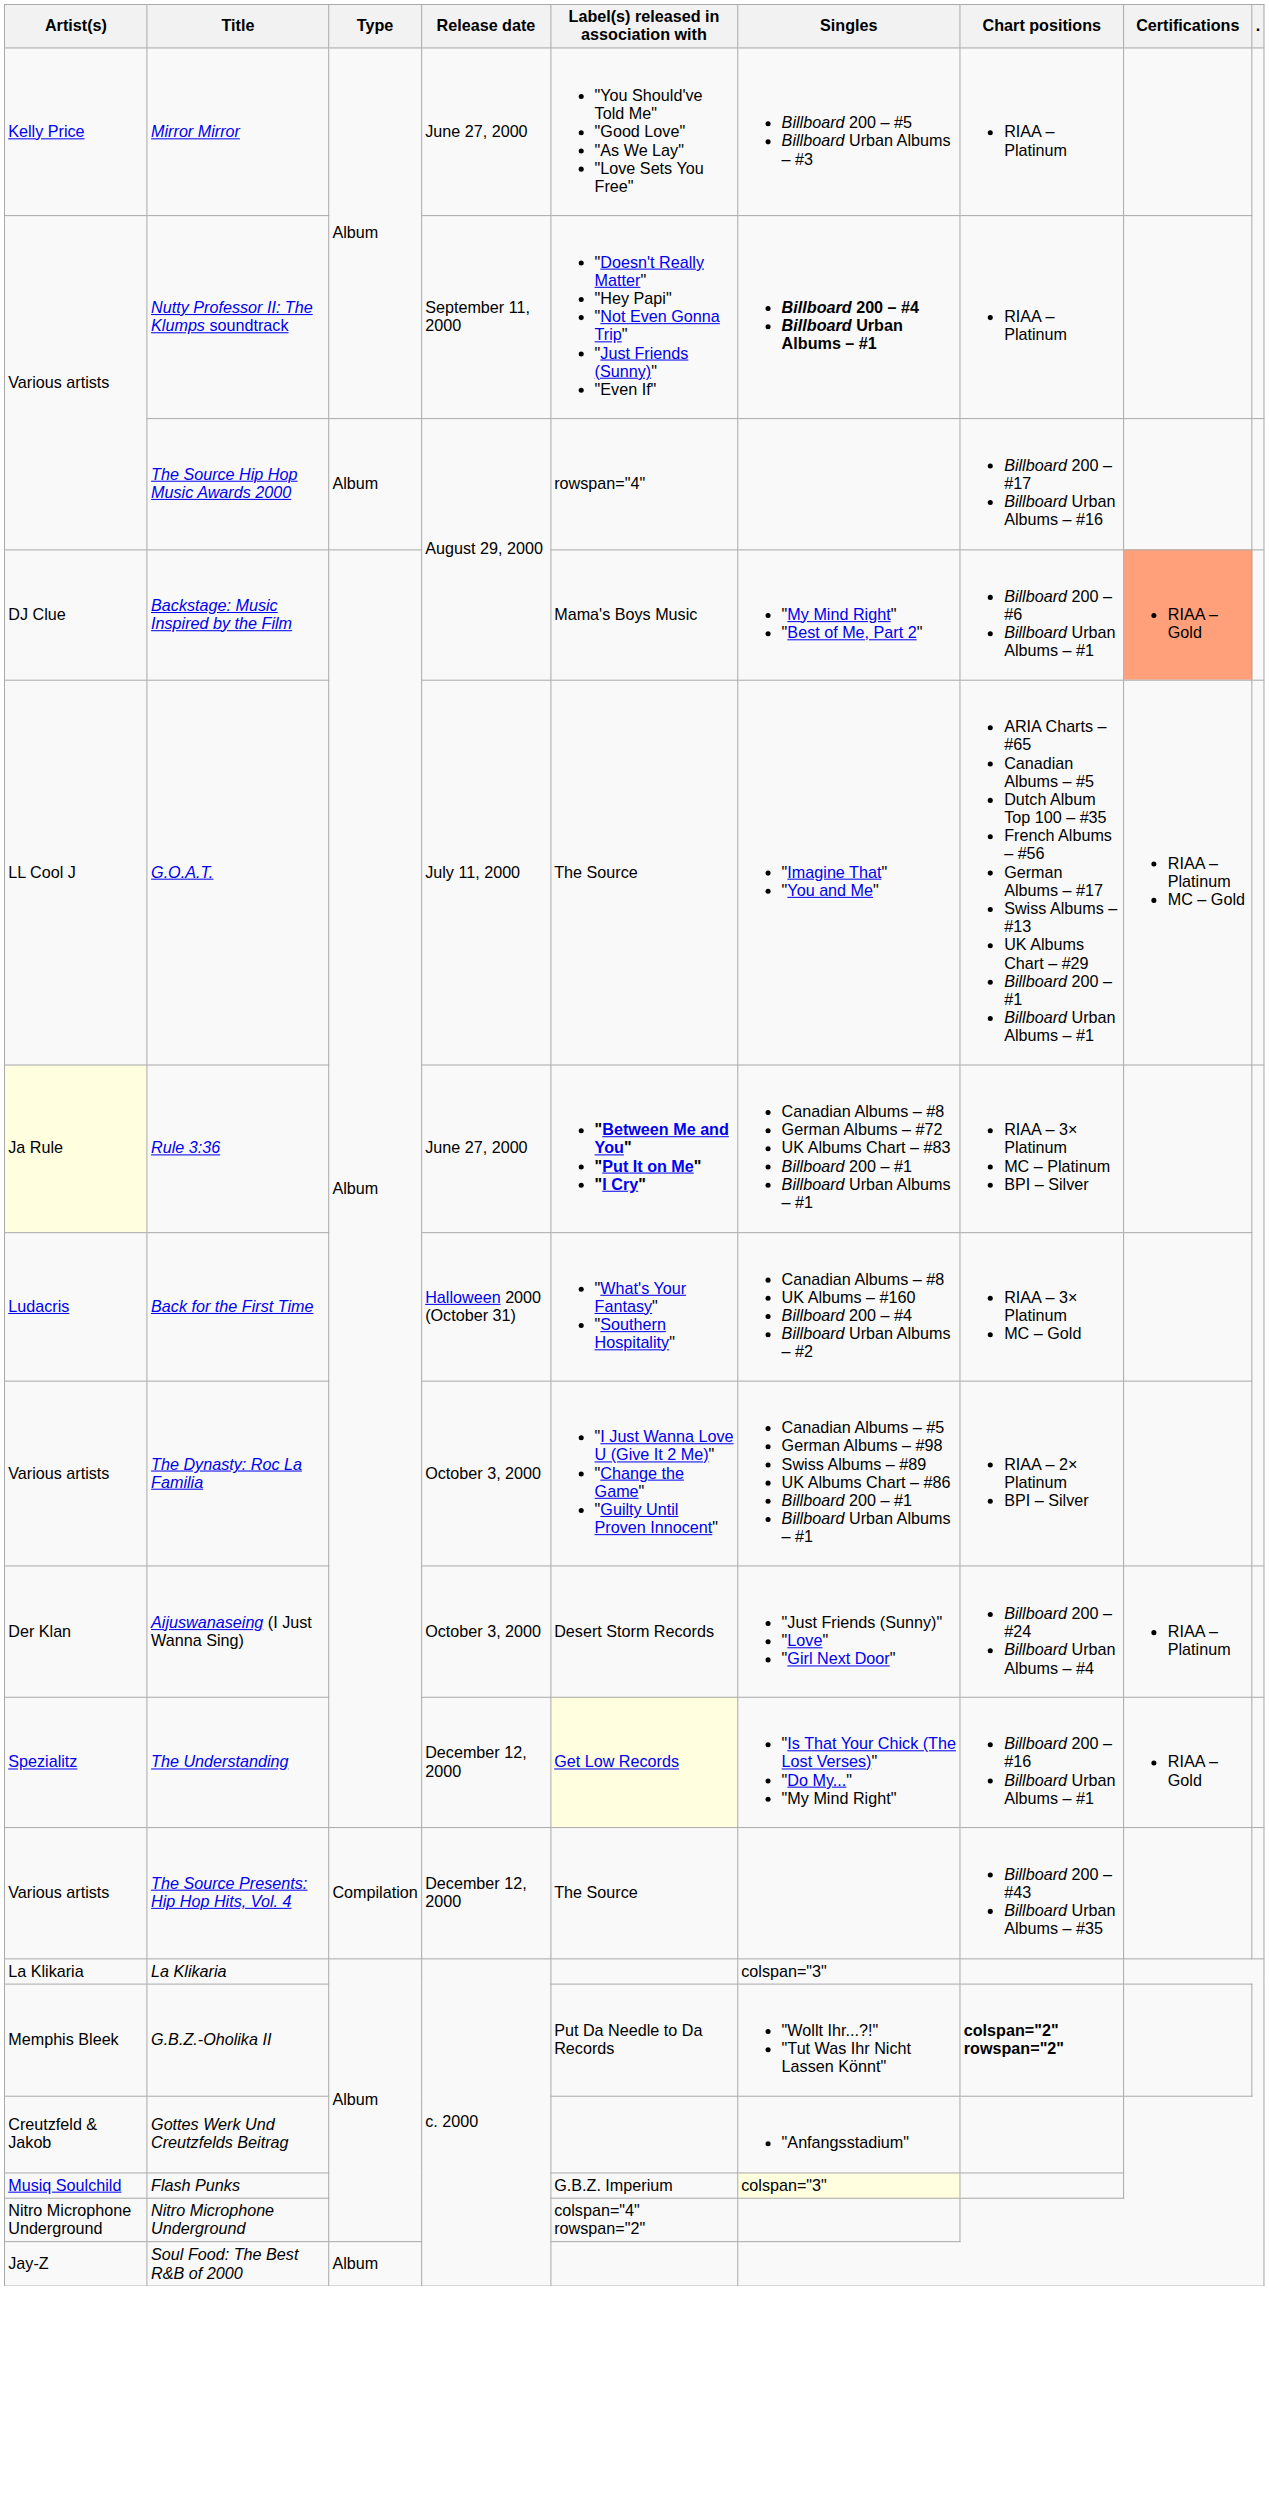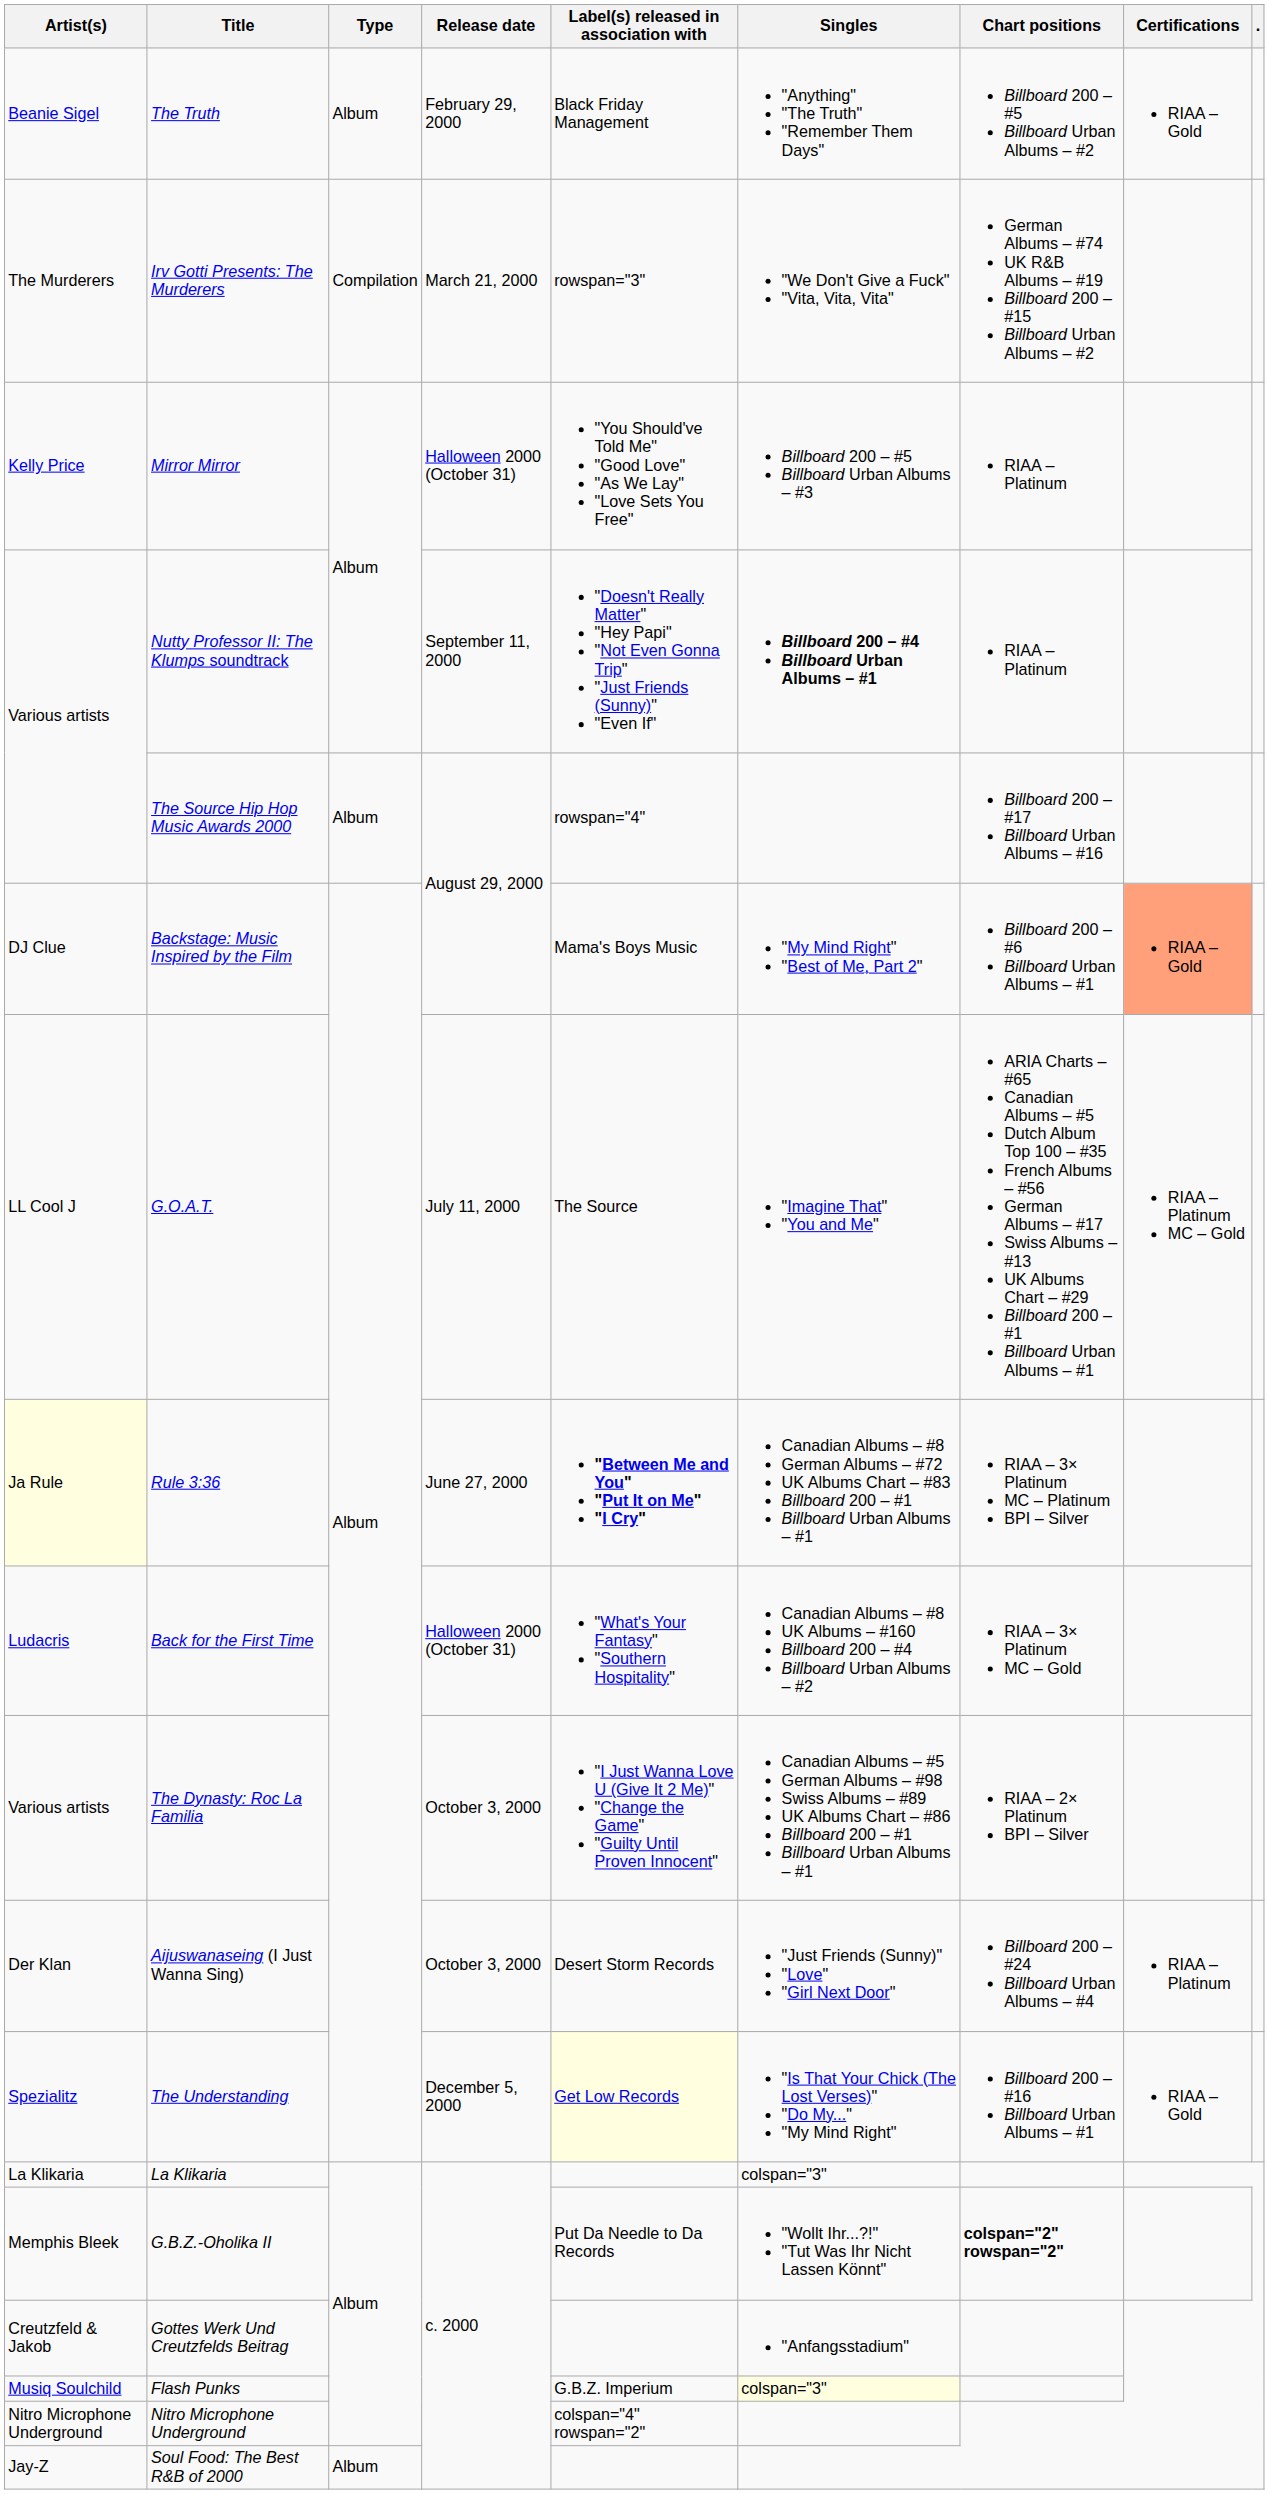 <table class="wikitable">
 <tr>
 <th>Artist(s)</th>
 <th>Title</th>
 <th>Type</th>
 <th>Release date</th>
 <th>Label(s) released in association with</th>
 <th>Singles</th>
 <th>Chart positions</th>
 <th>Certifications</th>
 <th>.</th>
 </tr>
 <tr>
+<td><a href='#'>Beanie Sigel</a></td>
+<td><a href='#'><em>The Truth</em></a></td>
+<td>Album</td>
+<td>February 29, 2000</td>
+<td>Black Friday Management</td>
+<td><br><ul><li>"Anything"</li><li>"The Truth"</li><li>"Remember Them Days"</li></ul></td>
+<td><br><ul><li><em>Billboard</em> 200 – #5</li><li><em>Billboard</em> Urban Albums – #2</li></ul></td>
+<td><br><ul><li>RIAA – Gold</li></ul></td>
+<td></td>
+</tr>
+<tr>
+<td>The Murderers</td>
+<td><em><a href='#'>Irv Gotti Presents: The Murderers</a></em></td>
+<td>Compilation</td>
+<td>March 21, 2000</td>
+<td>rowspan="3" </td>
+<td><br><ul><li>"We Don't Give a Fuck"</li><li>"Vita, Vita, Vita"</li></ul></td>
+<td><br><ul><li>German Albums – #74</li><li>UK R&B Albums – #19</li><li><em>Billboard</em> 200 – #15</li><li><em>Billboard</em> Urban Albums – #2</li></ul></td>
+<td></td>
+<td></td>
+</tr>
+<tr>
 <td><a href='#'>Kelly Price</a></td>
 <td><a href='#'><em>Mirror Mirror</em></a></td>
 <td rowspan="2">Album</td>
-<td>June 27, 2000</td>
+<td><a href='#'>Halloween</a> 2000 (October 31)</td>
 <td><br><ul><li>"You Should've Told Me"</li><li>"Good Love"</li><li>"As We Lay"</li><li>"Love Sets You Free"</li></ul></td>
 <td><br><ul><li><em>Billboard</em> 200 – #5</li><li><em>Billboard</em> Urban Albums – #3</li></ul></td>
 <td><br><ul><li>RIAA – Platinum</li></ul></td>
 <td></td>
 </tr>
 <tr>
 <td rowspan="2">Various artists</td>
 <td><a href='#'><em>Nutty Professor II: The Klumps</em> soundtrack</a></td>
 <td>September 11, 2000</td>
 <td><br><ul><li>"<a href='#'>Doesn't Really Matter</a>"</li><li>"Hey Papi"</li><li>"<a href='#'>Not Even Gonna Trip</a>" </li><li>"<a href='#'>Just Friends (Sunny)</a>"</li><li>"Even If"</li></ul></td>
 <td><strong><br><ul><li><em>Billboard</em> 200 – #4</li><li><em>Billboard</em> Urban Albums – #1</li></ul></strong></td>
 <td><br><ul><li>RIAA – Platinum</li></ul></td>
 <td></td>
 </tr>
 <tr>
 <td><em><a href='#'>The Source Hip Hop Music Awards 2000</a></em></td>
 <td>Album</td>
 <td rowspan="2">August 29, 2000</td>
 <td>rowspan="4" </td>
 <td></td>
 <td><br><ul><li><em>Billboard</em> 200 – #17</li><li><em>Billboard</em> Urban Albums – #16</li></ul></td>
 <td></td>
 <td></td>
 </tr>
 <tr>
 <td>DJ Clue</td>
 <td><em><a href='#'>Backstage: Music Inspired by the Film</a></em></td>
 <td rowspan="7">Album</td>
 <td>Mama's Boys Music</td>
 <td><br><ul><li>"<a href='#'>My Mind Right</a>"</li><li>"<a href='#'>Best of Me, Part 2</a>"</li></ul></td>
 <td><br><ul><li><em>Billboard</em> 200 – #6</li><li><em>Billboard</em> Urban Albums – #1</li></ul></td>
 <td style="background: lightsalmon;"><br><ul><li>RIAA – Gold</li></ul></td>
 <td></td>
 </tr>
 <tr>
 <td>LL Cool J</td>
 <td><a href='#'><em>G.O.A.T.</em></a></td>
 <td>July 11, 2000</td>
 <td>The Source</td>
 <td><br><ul><li>"<a href='#'>Imagine That</a>"</li><li>"<a href='#'>You and Me</a>"</li></ul></td>
 <td><br><ul><li>ARIA Charts – #65</li><li>Canadian Albums – #5</li><li>Dutch Album Top 100 – #35</li><li>French Albums – #56</li><li>German Albums – #17</li><li>Swiss Albums – #13</li><li>UK Albums Chart – #29</li><li><em>Billboard</em> 200 – #1</li><li><em>Billboard</em> Urban Albums – #1</li></ul></td>
 <td><br><ul><li>RIAA – Platinum</li><li>MC – Gold</li></ul></td>
 <td></td>
 </tr>
 <tr>
 <td style="background: lightyellow;">Ja Rule</td>
 <td><em><a href='#'>Rule 3:36</a></em></td>
 <td>June 27, 2000</td>
 <td><strong><br><ul><li>"<a href='#'>Between Me and You</a>"</li><li>"<a href='#'>Put It on Me</a>"</li><li>"<a href='#'>I Cry</a>"</li></ul></strong></td>
 <td><br><ul><li>Canadian Albums – #8</li><li>German Albums – #72</li><li>UK Albums Chart – #83</li><li><em>Billboard</em> 200 – #1</li><li><em>Billboard</em> Urban Albums – #1</li></ul></td>
 <td><br><ul><li>RIAA – 3× Platinum</li><li>MC – Platinum</li><li>BPI – Silver</li></ul></td>
 <td></td>
 </tr>
 <tr>
 <td><a href='#'>Ludacris</a></td>
 <td><em><a href='#'>Back for the First Time</a></em></td>
 <td><a href='#'>Halloween</a> 2000 (October 31)</td>
 <td><br><ul><li>"<a href='#'>What's Your Fantasy</a>"</li><li>"<a href='#'>Southern Hospitality</a>"</li></ul></td>
 <td><br><ul><li>Canadian Albums – #8</li><li>UK Albums – #160</li><li><em>Billboard</em> 200 – #4</li><li><em>Billboard</em> Urban Albums – #2</li></ul></td>
 <td><br><ul><li>RIAA – 3× Platinum</li><li>MC – Gold</li></ul></td>
 <td></td>
 </tr>
 <tr>
 <td>Various artists</td>
 <td><em><a href='#'>The Dynasty: Roc La Familia</a></em></td>
 <td>October 3, 2000</td>
 <td><br><ul><li>"<a href='#'>I Just Wanna Love U (Give It 2 Me)</a>"</li><li>"<a href='#'>Change the Game</a>"</li><li>"<a href='#'>Guilty Until Proven Innocent</a>"</li></ul></td>
 <td><br><ul><li>Canadian Albums – #5</li><li>German Albums – #98</li><li>Swiss Albums – #89</li><li>UK Albums Chart – #86</li><li><em>Billboard</em> 200 – #1</li><li><em>Billboard</em> Urban Albums – #1</li></ul></td>
 <td><br><ul><li>RIAA – 2× Platinum</li><li>BPI – Silver</li></ul></td>
 <td></td>
 </tr>
 <tr>
 <td>Der Klan</td>
 <td><em><a href='#'>Aijuswanaseing</a></em> (I Just Wanna Sing)</td>
 <td>October 3, 2000</td>
 <td>Desert Storm Records</td>
 <td><br><ul><li>"Just Friends (Sunny)"</li><li>"<a href='#'>Love</a>"</li><li>"<a href='#'>Girl Next Door</a>"</li></ul></td>
 <td><br><ul><li><em>Billboard</em> 200 – #24</li><li><em>Billboard</em> Urban Albums – #4</li></ul></td>
 <td><br><ul><li>RIAA – Platinum</li></ul></td>
 <td></td>
 </tr>
 <tr>
 <td><a href='#'>Spezialitz</a></td>
 <td><a href='#'><em>The Understanding</em></a></td>
-<td>December 12, 2000</td>
+<td>December 5, 2000</td>
 <td style="background: lightyellow;"><a href='#'>Get Low Records</a></td>
 <td><br><ul><li>"<a href='#'>Is That Your Chick (The Lost Verses)</a>"</li><li>"<a href='#'>Do My...</a>"</li><li>"My Mind Right"</li></ul></td>
 <td><br><ul><li><em>Billboard</em> 200 – #16</li><li><em>Billboard</em> Urban Albums – #1</li></ul></td>
 <td><br><ul><li>RIAA – Gold</li></ul></td>
-<td></td>
-</tr>
-<tr>
-<td>Various artists</td>
-<td><em><a href='#'>The Source Presents: Hip Hop Hits, Vol. 4</a></em></td>
-<td>Compilation</td>
-<td>December 12, 2000</td>
-<td>The Source</td>
-<td></td>
-<td><br><ul><li><em>Billboard</em> 200 – #43</li><li><em>Billboard</em> Urban Albums – #35</li></ul></td>
-<td></td>
 <td></td>
 </tr>
 <tr>
 <td>La Klikaria</td>
 <td><em>La Klikaria</em></td>
 <td rowspan="5">Album</td>
 <td rowspan="6">c. 2000</td>
 <td></td>
 <td>colspan="3" </td>
 <td></td>
 </tr>
 <tr>
 <td>Memphis Bleek</td>
 <td><em>G.B.Z.-Oholika II</em></td>
 <td>Put Da Needle to Da Records</td>
 <td><br><ul><li>"Wollt Ihr...?!"</li><li>"Tut Was Ihr Nicht Lassen Könnt"</li></ul></td>
 <td><strong>colspan="2" rowspan="2" </strong></td>
 <td></td>
 </tr>
 <tr>
 <td>Creutzfeld & Jakob</td>
 <td><em>Gottes Werk Und Creutzfelds Beitrag</em></td>
 <td></td>
 <td><br><ul><li>"Anfangsstadium"</li></ul></td>
 <td></td>
 </tr>
 <tr>
 <td><a href='#'>Musiq Soulchild</a></td>
 <td><em>Flash Punks</em></td>
 <td>G.B.Z. Imperium</td>
 <td style="background: lightyellow;">colspan="3" </td>
 <td></td>
 </tr>
 <tr>
 <td>Nitro Microphone Underground</td>
 <td><em>Nitro Microphone Underground</em></td>
 <td>colspan="4" rowspan="2" </td>
 <td></td>
 </tr>
 <tr>
 <td>Jay-Z</td>
 <td><em>Soul Food: The Best R&B of 2000</em></td>
 <td>Album</td>
 <td></td>
 </tr>
 </table>
